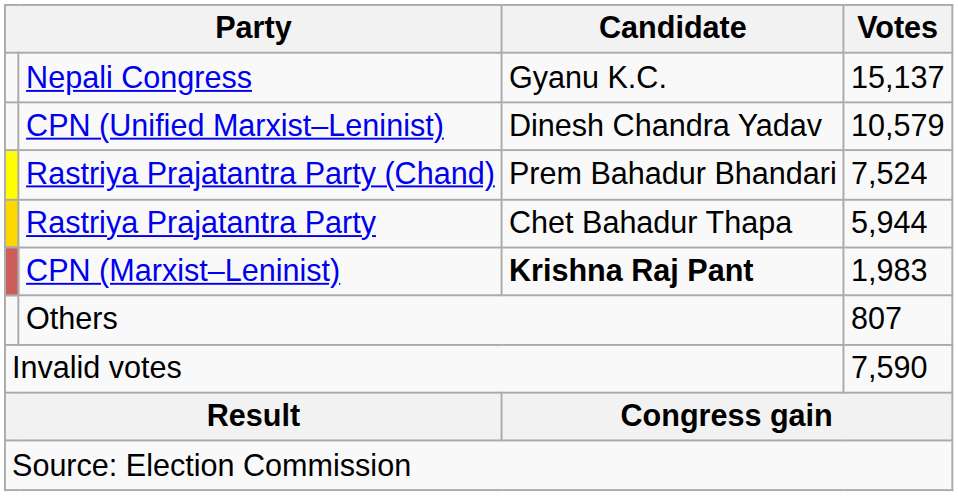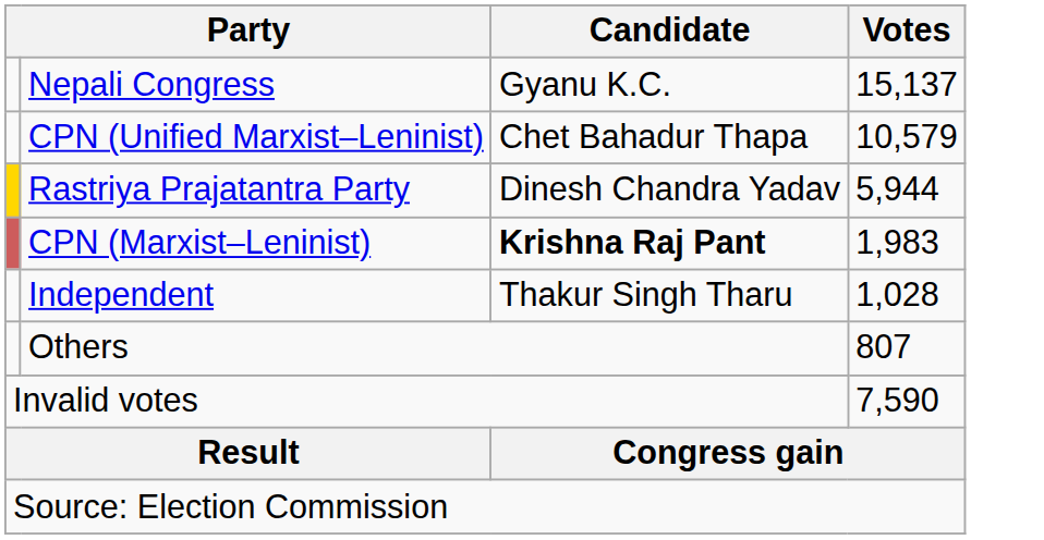 <table class="wikitable">
 <tr>
 <th colspan="2">Party</th>
 <th>Candidate</th>
 <th>Votes</th>
 </tr>
 <tr>
 <td style="background-color:"></td>
 <td><a href='#'>Nepali Congress</a></td>
 <td>Gyanu K.C.</td>
 <td>15,137</td>
 </tr>
 <tr>
 <td style="background-color:"></td>
 <td><a href='#'>CPN (Unified Marxist–Leninist)</a></td>
-<td>Dinesh Chandra Yadav</td>
+<td>Chet Bahadur Thapa</td>
 <td>10,579</td>
-</tr>
-<tr>
-<td style="background-color:yellow"></td>
-<td><a href='#'>Rastriya Prajatantra Party (Chand)</a></td>
-<td>Prem Bahadur Bhandari</td>
-<td>7,524</td>
 </tr>
 <tr>
 <td style="background-color:gold"></td>
 <td><a href='#'>Rastriya Prajatantra Party</a></td>
-<td>Chet Bahadur Thapa</td>
+<td>Dinesh Chandra Yadav</td>
 <td>5,944</td>
 </tr>
 <tr>
 <td style="background-color:indianred"></td>
 <td><a href='#'>CPN (Marxist–Leninist)</a></td>
 <td><strong>Krishna Raj Pant</strong></td>
 <td>1,983</td>
+</tr>
+<tr>
+<td style="background-color:"></td>
+<td><a href='#'>Independent</a></td>
+<td>Thakur Singh Tharu</td>
+<td>1,028</td>
 </tr>
 <tr>
 <td></td>
 <td colspan="2">Others</td>
 <td>807</td>
 </tr>
 <tr>
 <td colspan="3">Invalid votes</td>
 <td>7,590</td>
 </tr>
 <tr>
 <th colspan="2">Result</th>
 <th colspan="2">Congress gain</th>
 </tr>
 <tr>
 <td colspan="4">Source: Election Commission</td>
 </tr>
 </table>
